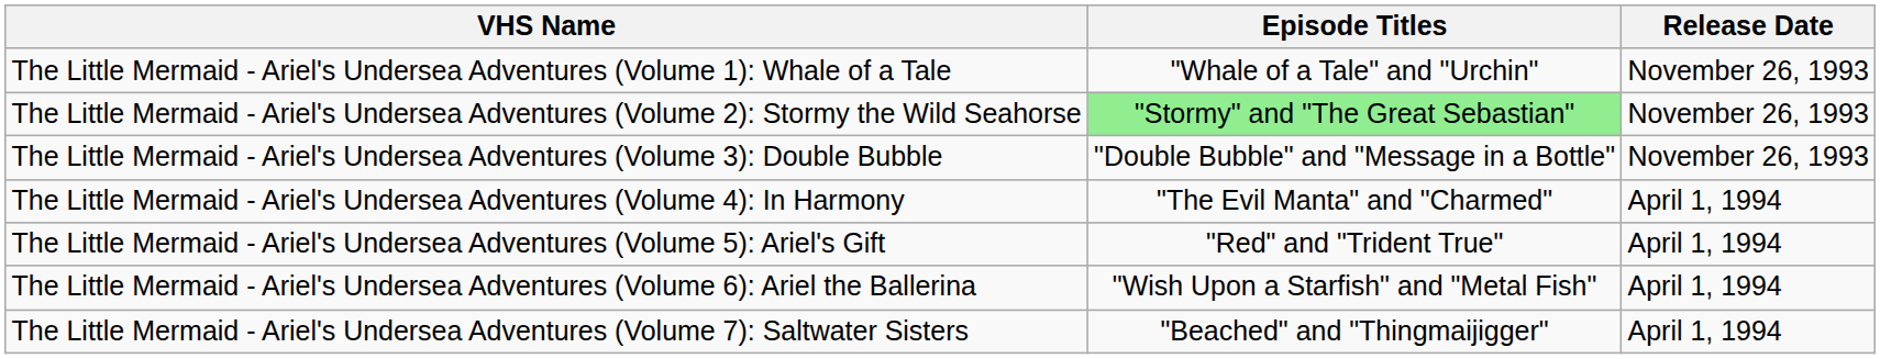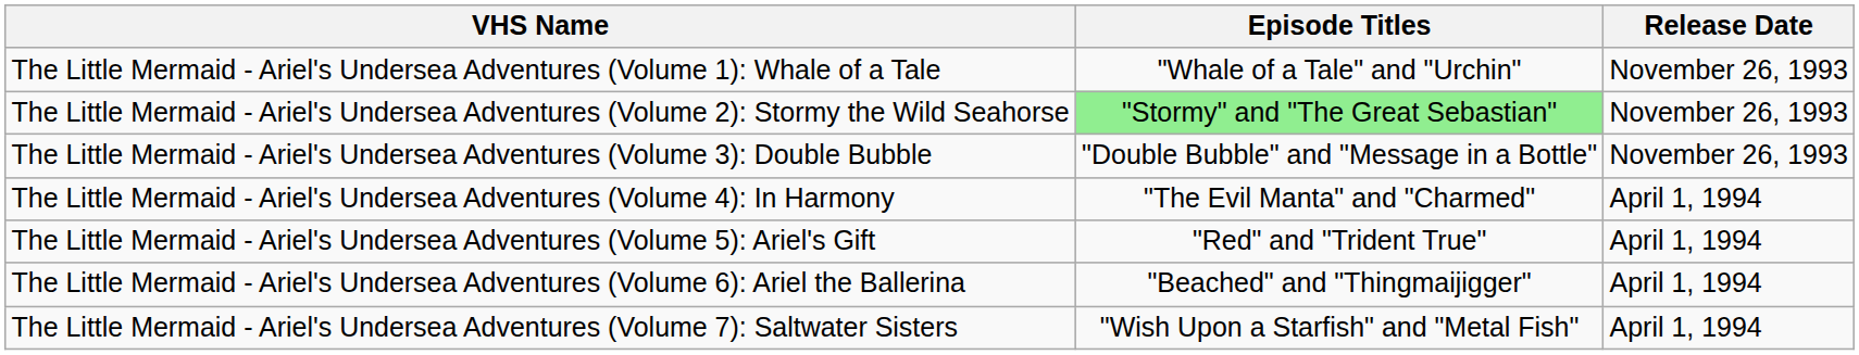 <table class="wikitable">
 <tr>
 <th>VHS Name</th>
 <th>Episode Titles</th>
 <th>Release Date</th>
 </tr>
 <tr>
 <td>The Little Mermaid - Ariel's Undersea Adventures (Volume 1): Whale of a Tale</td>
 <td style="text-align:center;">"Whale of a Tale" and "Urchin"</td>
 <td>November 26, 1993</td>
 </tr>
 <tr>
 <td>The Little Mermaid - Ariel's Undersea Adventures (Volume 2): Stormy the Wild Seahorse</td>
 <td style="background: lightgreen; text-align:center;">"Stormy" and "The Great Sebastian"</td>
 <td>November 26, 1993</td>
 </tr>
 <tr>
 <td>The Little Mermaid - Ariel's Undersea Adventures (Volume 3): Double Bubble</td>
 <td style="text-align:center;">"Double Bubble" and "Message in a Bottle"</td>
 <td>November 26, 1993</td>
 </tr>
 <tr>
 <td>The Little Mermaid - Ariel's Undersea Adventures (Volume 4): In Harmony</td>
 <td style="text-align:center;">"The Evil Manta" and "Charmed"</td>
 <td>April 1, 1994</td>
 </tr>
 <tr>
 <td>The Little Mermaid - Ariel's Undersea Adventures (Volume 5): Ariel's Gift</td>
 <td style="text-align:center;">"Red" and "Trident True"</td>
 <td>April 1, 1994</td>
 </tr>
 <tr>
 <td>The Little Mermaid - Ariel's Undersea Adventures (Volume 6): Ariel the Ballerina</td>
-<td style="text-align:center;">"Wish Upon a Starfish" and "Metal Fish"</td>
+<td style="text-align:center;">"Beached" and "Thingmaijigger"</td>
 <td>April 1, 1994</td>
 </tr>
 <tr>
 <td>The Little Mermaid - Ariel's Undersea Adventures (Volume 7): Saltwater Sisters</td>
-<td style="text-align:center;">"Beached" and "Thingmaijigger"</td>
+<td style="text-align:center;">"Wish Upon a Starfish" and "Metal Fish"</td>
 <td>April 1, 1994</td>
 </tr>
 </table>
